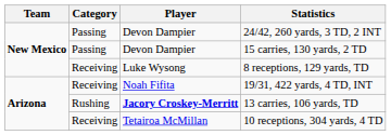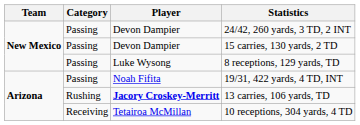 <table class="wikitable" style="float: right;">
 <tr>
 <th>Team</th>
 <th>Category</th>
 <th>Player</th>
 <th>Statistics</th>
 </tr>
 <tr>
 <td rowspan=3><strong>New Mexico</strong></td>
 <td>Passing</td>
 <td>Devon Dampier</td>
 <td>24/42, 260 yards, 3 TD, 2 INT</td>
 </tr>
 <tr>
 <td>Passing</td>
 <td>Devon Dampier</td>
 <td>15 carries, 130 yards, 2 TD</td>
 </tr>
 <tr>
-<td>Receiving</td>
+<td>Passing</td>
 <td>Luke Wysong</td>
 <td>8 receptions, 129 yards, TD</td>
 </tr>
 <tr>
 <td rowspan=3><strong>Arizona</strong></td>
-<td>Receiving</td>
+<td>Passing</td>
 <td><a href='#'>Noah Fifita</a></td>
 <td>19/31, 422 yards, 4 TD, INT</td>
 </tr>
 <tr>
 <td>Rushing</td>
 <td><strong><a href='#'>Jacory Croskey-Merritt</a></strong></td>
 <td>13 carries, 106 yards, TD</td>
 </tr>
 <tr>
 <td>Receiving</td>
 <td><a href='#'>Tetairoa McMillan</a></td>
 <td>10 receptions, 304 yards, 4 TD</td>
 </tr>
 </table>
